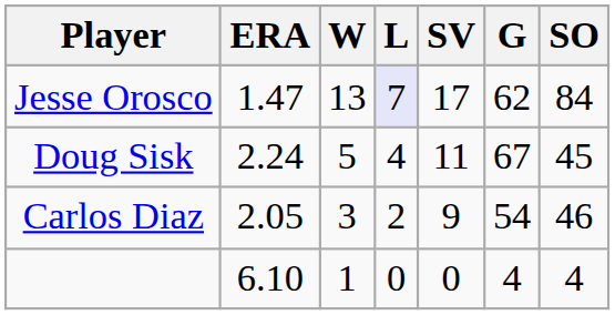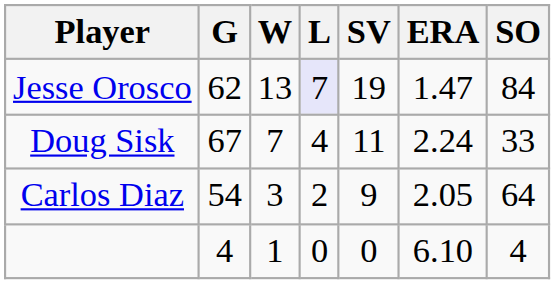 <table class="wikitable sortable">
 <tr>
 <th>Player</th>
-<th>ERA</th>
+<th>G</th>
 <th>W</th>
 <th>L</th>
 <th>SV</th>
-<th>G</th>
+<th>ERA</th>
 <th>SO</th>
 </tr>
 <tr align="center">
 <td><a href='#'>Jesse Orosco</a></td>
-<td>1.47</td>
+<td>62</td>
 <td>13</td>
 <td style="background: lavender;">7</td>
-<td>17</td>
-<td>62</td>
+<td>19</td>
+<td>1.47</td>
 <td>84</td>
 </tr>
 <tr align=center>
 <td><a href='#'>Doug Sisk</a></td>
-<td>2.24</td>
-<td>5</td>
+<td>67</td>
+<td>7</td>
 <td>4</td>
 <td>11</td>
-<td>67</td>
-<td>45</td>
+<td>2.24</td>
+<td>33</td>
 </tr>
 <tr align=center>
 <td><a href='#'>Carlos Diaz</a></td>
-<td>2.05</td>
+<td>54</td>
 <td>3</td>
 <td>2</td>
 <td>9</td>
-<td>54</td>
-<td>46</td>
+<td>2.05</td>
+<td>64</td>
 </tr>
 <tr align=center>
 <td></td>
-<td>6.10</td>
+<td>4</td>
 <td>1</td>
 <td>0</td>
 <td>0</td>
-<td>4</td>
+<td>6.10</td>
 <td>4</td>
 </tr>
 </table>
